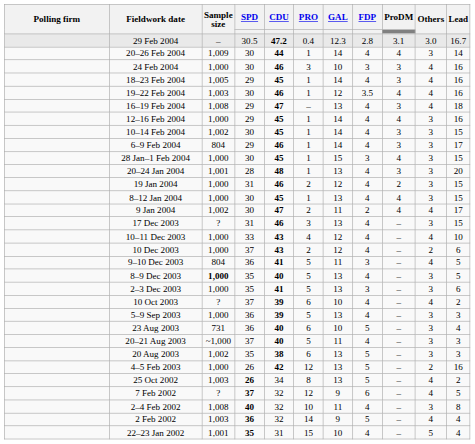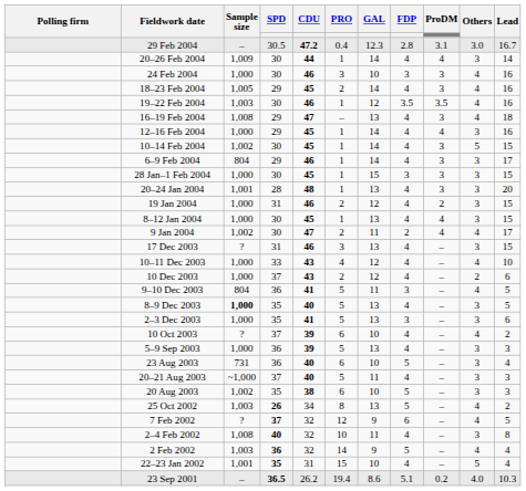 <table class="wikitable sortable" style="text-align:center;font-size:90%;line-height:14px;">
 <tr style="height:40px;">
 <th style="width:160px;" rowspan="2">Polling firm</th>
 <th style="width:140px;" rowspan="2">Fieldwork date</th>
 <th style="width:35px;" rowspan="2">Sample<br>size</th>
 <th class="unsortable" style="width:40px;"><a href='#'>SPD</a></th>
 <th class="unsortable" style="width:40px;"><a href='#'>CDU</a></th>
 <th class="unsortable" style="width:40px;"><a href='#'>PRO</a></th>
 <th class="unsortable" style="width:40px;"><a href='#'>GAL</a></th>
 <th class="unsortable" style="width:40px;"><a href='#'>FDP</a></th>
 <th class="unsortable" style="width:40px;">ProDM</th>
 <th class="unsortable" style="width:40px;" rowspan="2">Others</th>
 <th style="width:30px;" rowspan="2">Lead</th>
 </tr>
 <tr>
 <th style="background:"></th>
 <th style="background:"></th>
 <th style="background:"></th>
 <th style="background:"></th>
 <th style="background:"></th>
 <th style="background:grey;"></th>
 </tr>
 <tr style="background:#E9E9E9;">
 <td></td>
 <td data-sort-value="2004-02-29">29 Feb 2004</td>
 <td>–</td>
 <td>30.5</td>
 <td><strong>47.2</strong></td>
 <td>0.4</td>
 <td>12.3</td>
 <td>2.8</td>
 <td>3.1</td>
 <td>3.0</td>
 <td style="background:">16.7</td>
 </tr>
 <tr>
 <td></td>
 <td data-sort-value="2004-02-27">20–26 Feb 2004</td>
 <td>1,009</td>
 <td>30</td>
 <td><strong>44</strong></td>
 <td>1</td>
 <td>14</td>
 <td>4</td>
 <td>4</td>
 <td>3</td>
 <td style="background:">14</td>
 </tr>
 <tr>
 <td></td>
 <td data-sort-value="2004-02-25">24 Feb 2004</td>
 <td>1,000</td>
 <td>30</td>
 <td><strong>46</strong></td>
 <td>3</td>
 <td>10</td>
 <td>3</td>
 <td>3</td>
 <td>4</td>
 <td style="background:">16</td>
 </tr>
 <tr>
 <td></td>
 <td data-sort-value="2004-02-25">18–23 Feb 2004</td>
 <td>1,005</td>
 <td>29</td>
 <td><strong>45</strong></td>
-<td>1</td>
+<td>2</td>
 <td>14</td>
 <td>4</td>
 <td>3</td>
 <td>4</td>
 <td style="background:">16</td>
 </tr>
 <tr>
 <td></td>
 <td data-sort-value="2004-02-24">19–22 Feb 2004</td>
 <td>1,003</td>
 <td>30</td>
 <td><strong>46</strong></td>
 <td>1</td>
 <td>12</td>
 <td>3.5</td>
-<td>4</td>
+<td>3.5</td>
 <td>4</td>
 <td style="background:">16</td>
 </tr>
 <tr>
 <td></td>
 <td data-sort-value="2004-02-20">16–19 Feb 2004</td>
 <td>1,008</td>
 <td>29</td>
 <td><strong>47</strong></td>
 <td>–</td>
 <td>13</td>
 <td>4</td>
 <td>3</td>
 <td>4</td>
 <td style="background:">18</td>
 </tr>
 <tr>
 <td></td>
 <td data-sort-value="2004-02-18">12–16 Feb 2004</td>
 <td>1,000</td>
 <td>29</td>
 <td><strong>45</strong></td>
 <td>1</td>
 <td>14</td>
 <td>4</td>
 <td>4</td>
 <td>3</td>
 <td style="background:">16</td>
 </tr>
 <tr>
 <td></td>
 <td data-sort-value="2004-02-17">10–14 Feb 2004</td>
 <td>1,002</td>
 <td>30</td>
 <td><strong>45</strong></td>
 <td>1</td>
 <td>14</td>
 <td>4</td>
 <td>3</td>
-<td>3</td>
+<td>5</td>
 <td style="background:">15</td>
 </tr>
 <tr>
 <td></td>
 <td data-sort-value="2004-02-10">6–9 Feb 2004</td>
 <td>804</td>
 <td>29</td>
 <td><strong>46</strong></td>
 <td>1</td>
 <td>14</td>
 <td>4</td>
 <td>3</td>
 <td>3</td>
 <td style="background:">17</td>
 </tr>
 <tr>
 <td></td>
 <td data-sort-value="2004-02-04">28 Jan–1 Feb 2004</td>
 <td>1,000</td>
 <td>30</td>
 <td><strong>45</strong></td>
 <td>1</td>
 <td>15</td>
 <td>3</td>
-<td>4</td>
+<td>3</td>
 <td>3</td>
 <td style="background:">15</td>
 </tr>
 <tr>
 <td></td>
 <td data-sort-value="2004-02-03">20–24 Jan 2004</td>
 <td>1,001</td>
 <td>28</td>
 <td><strong>48</strong></td>
 <td>1</td>
 <td>13</td>
 <td>4</td>
 <td>3</td>
 <td>3</td>
 <td style="background:">20</td>
 </tr>
 <tr>
 <td></td>
 <td data-sort-value="2004-02-02">19 Jan 2004</td>
 <td>1,000</td>
 <td>31</td>
 <td><strong>46</strong></td>
 <td>2</td>
 <td>12</td>
 <td>4</td>
 <td>2</td>
 <td>3</td>
 <td style="background:">15</td>
 </tr>
 <tr>
 <td></td>
 <td data-sort-value="2004-01-14">8–12 Jan 2004</td>
 <td>1,000</td>
 <td>30</td>
 <td><strong>45</strong></td>
 <td>1</td>
 <td>13</td>
 <td>4</td>
 <td>4</td>
 <td>3</td>
 <td style="background:">15</td>
 </tr>
 <tr>
 <td></td>
 <td data-sort-value="2004-01-09">9 Jan 2004</td>
 <td>1,002</td>
 <td>30</td>
 <td><strong>47</strong></td>
 <td>2</td>
 <td>11</td>
 <td>2</td>
 <td>4</td>
 <td>4</td>
 <td style="background:">17</td>
 </tr>
 <tr>
 <td></td>
 <td data-sort-value="2003-12-17">17 Dec 2003</td>
 <td>?</td>
 <td>31</td>
 <td><strong>46</strong></td>
 <td>3</td>
 <td>13</td>
 <td>4</td>
 <td>–</td>
 <td>3</td>
 <td style="background:">15</td>
 </tr>
 <tr>
 <td></td>
 <td data-sort-value="2003-12-15">10–11 Dec 2003</td>
 <td>1,000</td>
 <td>33</td>
 <td><strong>43</strong></td>
 <td>4</td>
 <td>12</td>
 <td>4</td>
 <td>–</td>
 <td>4</td>
 <td style="background:">10</td>
 </tr>
 <tr>
 <td></td>
 <td data-sort-value="2003-12-12">10 Dec 2003</td>
 <td>1,000</td>
 <td>37</td>
 <td><strong>43</strong></td>
 <td>2</td>
 <td>12</td>
 <td>4</td>
 <td>–</td>
 <td>2</td>
 <td style="background:">6</td>
 </tr>
 <tr>
 <td></td>
 <td data-sort-value="2003-12-11">9–10 Dec 2003</td>
 <td>804</td>
 <td>36</td>
 <td><strong>41</strong></td>
 <td>5</td>
 <td>11</td>
 <td>3</td>
 <td>–</td>
 <td>4</td>
 <td style="background:">5</td>
 </tr>
 <tr>
 <td></td>
 <td data-sort-value="2003-12-09">8–9 Dec 2003</td>
 <td><strong>1,000</strong></td>
 <td>35</td>
 <td><strong>40</strong></td>
 <td>5</td>
 <td>13</td>
 <td>4</td>
 <td>–</td>
 <td>3</td>
 <td style="background:">5</td>
 </tr>
 <tr>
 <td></td>
 <td data-sort-value="2003-12-05">2–3 Dec 2003</td>
 <td>1,000</td>
 <td>35</td>
 <td><strong>41</strong></td>
 <td>5</td>
 <td>13</td>
 <td>3</td>
 <td>–</td>
 <td>3</td>
 <td style="background:">6</td>
 </tr>
 <tr>
 <td></td>
 <td data-sort-value="2003-10-10">10 Oct 2003</td>
 <td>?</td>
 <td>37</td>
 <td><strong>39</strong></td>
 <td>6</td>
 <td>10</td>
 <td>4</td>
 <td>–</td>
 <td>4</td>
 <td style="background:">2</td>
 </tr>
 <tr>
 <td></td>
 <td data-sort-value="2003-09-11">5–9 Sep 2003</td>
 <td>1,000</td>
 <td>36</td>
 <td><strong>39</strong></td>
 <td>5</td>
 <td>13</td>
 <td>4</td>
 <td>–</td>
 <td>3</td>
 <td style="background:">3</td>
 </tr>
 <tr>
 <td></td>
 <td data-sort-value="2003-08-23">23 Aug 2003</td>
 <td>731</td>
 <td>36</td>
 <td><strong>40</strong></td>
 <td>6</td>
 <td>10</td>
 <td>5</td>
 <td>–</td>
 <td>3</td>
 <td style="background:">4</td>
 </tr>
 <tr>
 <td></td>
 <td data-sort-value="2003-08-23">20–21 Aug 2003</td>
 <td>~1,000</td>
 <td>37</td>
 <td><strong>40</strong></td>
 <td>5</td>
 <td>11</td>
 <td>4</td>
 <td>–</td>
 <td>3</td>
 <td style="background:">3</td>
 </tr>
 <tr>
 <td></td>
 <td data-sort-value="2003-08-21">20 Aug 2003</td>
 <td>1,002</td>
 <td>35</td>
 <td><strong>38</strong></td>
 <td>6</td>
-<td>13</td>
+<td>10</td>
 <td>5</td>
 <td>–</td>
 <td>3</td>
 <td style="background:">3</td>
-</tr>
-<tr>
-<td></td>
-<td data-sort-value="2003-02-09">4–5 Feb 2003</td>
-<td>1,000</td>
-<td>26</td>
-<td><strong>42</strong></td>
-<td>12</td>
-<td>13</td>
-<td>5</td>
-<td>–</td>
-<td>2</td>
-<td style="background:">16</td>
 </tr>
 <tr>
 <td></td>
 <td data-sort-value="2002-10-25">25 Oct 2002</td>
 <td>1,003</td>
 <td><strong>26</strong></td>
 <td>34</td>
 <td>8</td>
 <td>13</td>
 <td>5</td>
 <td>–</td>
 <td>4</td>
 <td style="background:">2</td>
 </tr>
 <tr>
 <td></td>
 <td data-sort-value="2002-02-07">7 Feb 2002</td>
 <td>?</td>
 <td><strong>37</strong></td>
 <td>32</td>
 <td>12</td>
 <td>9</td>
 <td>6</td>
 <td>–</td>
 <td>4</td>
 <td style="background:">5</td>
 </tr>
 <tr>
 <td></td>
 <td data-sort-value="2002-02-09">2–4 Feb 2002</td>
 <td>1,008</td>
 <td><strong>40</strong></td>
 <td>32</td>
 <td>10</td>
 <td>11</td>
 <td>4</td>
 <td>–</td>
 <td>3</td>
 <td style="background:">8</td>
 </tr>
 <tr>
 <td></td>
 <td data-sort-value="2002-02-02">2 Feb 2002</td>
 <td>1,003</td>
 <td><strong>36</strong></td>
 <td>32</td>
 <td>14</td>
 <td>9</td>
 <td>5</td>
 <td>–</td>
 <td>4</td>
 <td style="background:">4</td>
 </tr>
 <tr>
 <td></td>
 <td data-sort-value="2002-01-25">22–23 Jan 2002</td>
 <td>1,001</td>
 <td><strong>35</strong></td>
 <td>31</td>
 <td>15</td>
 <td>10</td>
 <td>4</td>
 <td>–</td>
 <td>5</td>
 <td style="background:">4</td>
 </tr>
+<tr style="background:#E9E9E9;">
+<td></td>
+<td data-sort-value="2001-09-23">23 Sep 2001</td>
+<td>–</td>
+<td><strong>36.5</strong></td>
+<td>26.2</td>
+<td>19.4</td>
+<td>8.6</td>
+<td>5.1</td>
+<td>0.2</td>
+<td>4.0</td>
+<td style="background:">10.3</td>
+</tr>
 </table>
